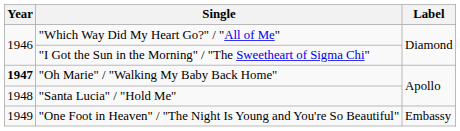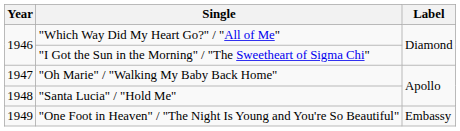 <table class="wikitable">
 <tr>
 <th aligned="left">Year</th>
 <th>Single</th>
 <th>Label</th>
 </tr>
 <tr>
 <td rowspan="2">1946</td>
 <td rowspan="1" aligned="left">"Which Way Did My Heart Go?" / "<a href='#'>All of Me</a>"</td>
 <td rowspan="2">Diamond</td>
 </tr>
 <tr>
 <td aligned="center" rowspan="1">"I Got the Sun in the Morning" / "The <a href='#'>Sweetheart of Sigma Chi</a>"</td>
 </tr>
 <tr>
-<td rowspan="1"><strong>1947</strong></td>
+<td rowspan="1">1947</td>
 <td rowspan="1">"Oh Marie" / "Walking My Baby Back Home"</td>
 <td rowspan="2">Apollo</td>
 </tr>
 <tr>
 <td rowspan="1">1948</td>
 <td rowspan="1">"Santa Lucia" / "Hold Me"</td>
 </tr>
 <tr>
 <td rowspan="1">1949</td>
 <td rowspan="1">"One Foot in Heaven" / "The Night Is Young and You're So Beautiful"</td>
 <td>Embassy</td>
 </tr>
 </table>
